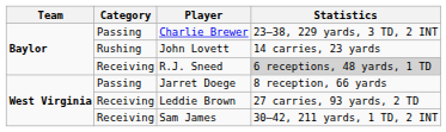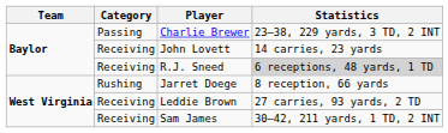 <table class="wikitable" style="float: right;">
 <tr>
 <th>Team</th>
 <th>Category</th>
 <th>Player</th>
 <th>Statistics</th>
 </tr>
 <tr>
 <td rowspan=3><strong>Baylor</strong></td>
 <td>Passing</td>
 <td><a href='#'>Charlie Brewer</a></td>
 <td>23–38, 229 yards, 3 TD, 2 INT</td>
 </tr>
 <tr>
-<td>Rushing</td>
+<td>Receiving</td>
 <td>John Lovett</td>
 <td>14 carries, 23 yards</td>
 </tr>
 <tr>
 <td>Receiving</td>
 <td>R.J. Sneed</td>
 <td style="background: lightgrey;">6 receptions, 48 yards, 1 TD</td>
 </tr>
 <tr>
 <td rowspan=3><strong>West Virginia</strong></td>
-<td>Passing</td>
+<td>Rushing</td>
 <td>Jarret Doege</td>
 <td>8 reception, 66 yards</td>
 </tr>
 <tr>
 <td>Receiving</td>
 <td>Leddie Brown</td>
 <td>27 carries, 93 yards, 2 TD</td>
 </tr>
 <tr>
 <td>Receiving</td>
 <td>Sam James</td>
 <td>30–42, 211 yards, 1 TD, 2 INT</td>
 </tr>
 </table>
